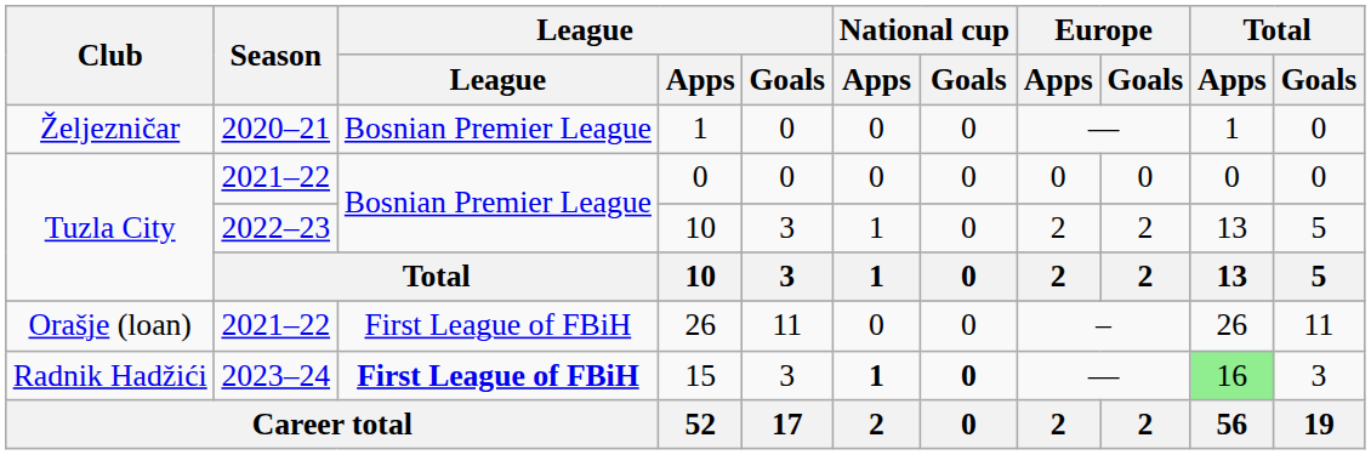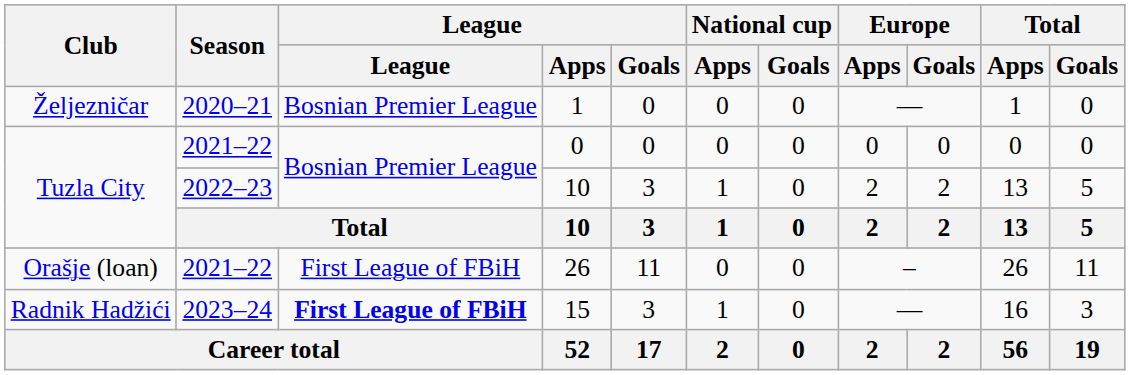 <table class="wikitable" style="text-align:center">
 <tr>
 <th rowspan="2">Club</th>
 <th rowspan="2">Season</th>
 <th colspan="3">League</th>
 <th colspan="2">National cup</th>
 <th colspan="2">Europe</th>
 <th colspan="2">Total</th>
 </tr>
 <tr>
 <th>League</th>
 <th>Apps</th>
 <th>Goals</th>
 <th>Apps</th>
 <th>Goals</th>
 <th>Apps</th>
 <th>Goals</th>
 <th>Apps</th>
 <th>Goals</th>
 </tr>
 <tr>
 <td><a href='#'>Željezničar</a></td>
 <td><a href='#'>2020–21</a></td>
 <td><a href='#'>Bosnian Premier League</a></td>
 <td>1</td>
 <td>0</td>
 <td>0</td>
 <td>0</td>
 <td colspan="2">—</td>
 <td>1</td>
 <td>0</td>
 </tr>
 <tr>
 <td rowspan="3"><a href='#'>Tuzla City</a></td>
 <td><a href='#'>2021–22</a></td>
 <td rowspan="2"><a href='#'>Bosnian Premier League</a></td>
 <td>0</td>
 <td>0</td>
 <td>0</td>
 <td>0</td>
 <td>0</td>
 <td>0</td>
 <td>0</td>
 <td>0</td>
 </tr>
 <tr>
 <td><a href='#'>2022–23</a></td>
 <td>10</td>
 <td>3</td>
 <td>1</td>
 <td>0</td>
 <td>2</td>
 <td>2</td>
 <td>13</td>
 <td>5</td>
 </tr>
 <tr>
 <th colspan="2">Total</th>
 <th>10</th>
 <th>3</th>
 <th>1</th>
 <th>0</th>
 <th>2</th>
 <th>2</th>
 <th>13</th>
 <th>5</th>
 </tr>
 <tr>
 <td><a href='#'>Orašje</a> (loan)</td>
 <td><a href='#'>2021–22</a></td>
 <td><a href='#'>First League of FBiH</a></td>
 <td>26</td>
 <td>11</td>
 <td>0</td>
 <td>0</td>
 <td colspan="2">–</td>
 <td>26</td>
 <td>11</td>
 </tr>
 <tr>
 <td><a href='#'>Radnik Hadžići</a></td>
 <td><a href='#'>2023–24</a></td>
 <td><strong><a href='#'>First League of FBiH</a></strong></td>
 <td>15</td>
 <td>3</td>
-<td><strong>1</strong></td>
-<td><strong>0</strong></td>
+<td>1</td>
+<td>0</td>
 <td colspan="2">—</td>
-<td style="background: lightgreen;">16</td>
+<td>16</td>
 <td>3</td>
 </tr>
 <tr>
 <th colspan="3">Career total</th>
 <th>52</th>
 <th>17</th>
 <th>2</th>
 <th>0</th>
 <th>2</th>
 <th>2</th>
 <th>56</th>
 <th>19</th>
 </tr>
 </table>
